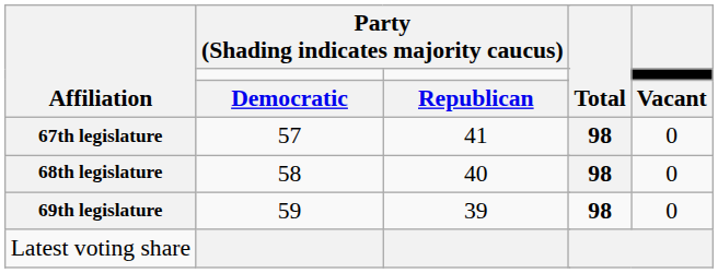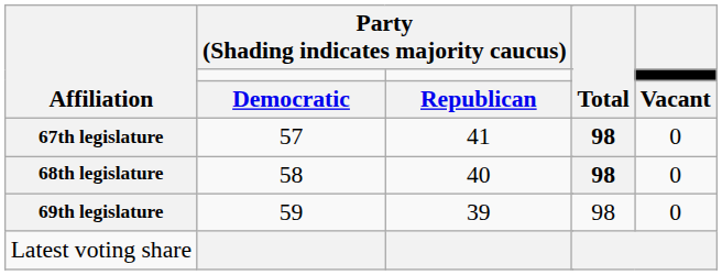 <table class="wikitable" style="text-align:center">
 <tr style="vertical-align:bottom;">
 <th scope="col" rowspan="3">Affiliation</th>
 <th scope="col" colspan="3">Party <div>(Shading indicates majority caucus)</div></th>
 <th scope="col" rowspan="3">Total</th>
 <th scope="col"></th>
 </tr>
 <tr style="height:5px">
 <td style="background-color:"></td>
 <td colspan=2 style="background-color:"></td>
 <td style="background:black"></td>
 </tr>
 <tr>
 <th><a href='#'>Democratic</a></th>
 <th colspan=2><a href='#'>Republican</a></th>
 <th>Vacant</th>
 </tr>
 <tr>
 <th scope="row" style="white-space:nowrap; font-size:80%">67th legislature</th>
 <td>57</td>
 <td colspan=2>41</td>
 <th>98</th>
 <td>0</td>
 </tr>
 <tr>
 <th scope="row" style="white-space:nowrap; font-size:80%">68th legislature</th>
 <td>58</td>
 <td colspan="2">40</td>
 <th>98</th>
 <td>0</td>
 </tr>
 <tr>
 <th scope="row" style="white-space:nowrap; font-size:80%">69th legislature</th>
 <td>59</td>
 <td colspan=2>39</td>
-<td><strong>98</strong></td>
+<td>98</td>
 <td>0</td>
 </tr>
 <tr>
 <td>Latest voting share</td>
 <th></th>
 <th colspan="2"></th>
 <th colspan="2"></th>
 </tr>
 </table>
